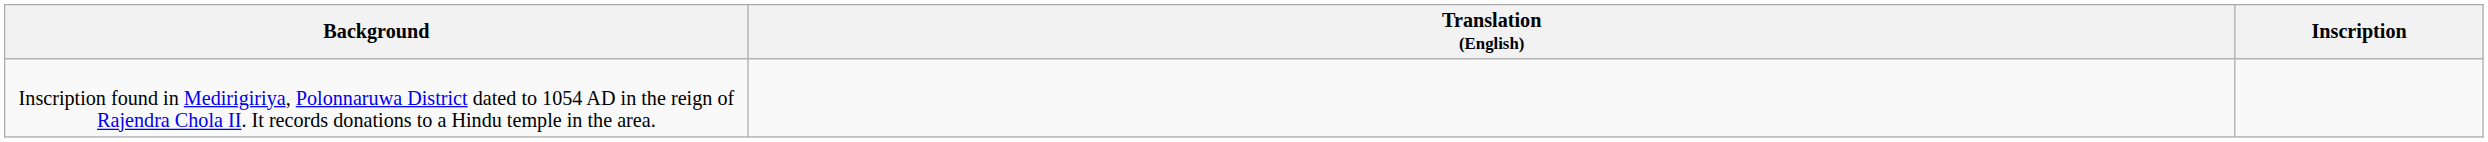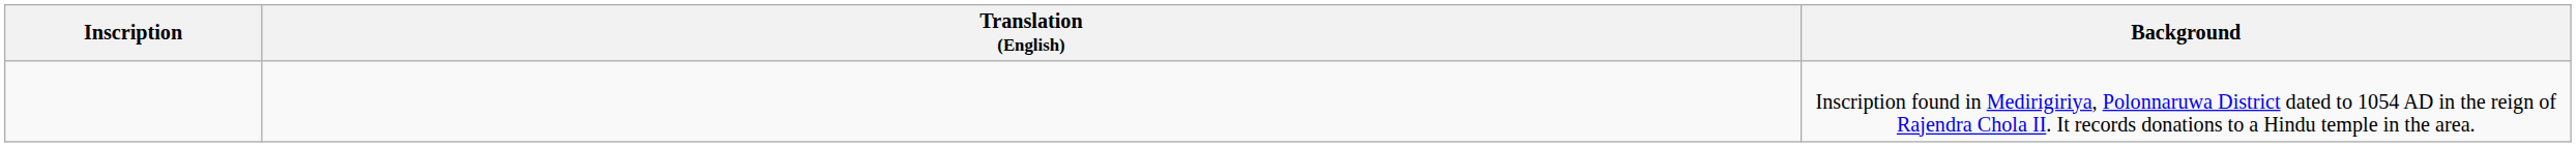 <table class="wikitable centre">
 <tr>
+<th>Inscription<br></th>
+<th>Translation<br><small>(English)</small></th>
 <th scope="col" align=left>Background<br></th>
-<th>Translation<br><small>(English)</small></th>
-<th>Inscription<br></th>
 </tr>
 <tr>
+<td align=center width="10%"><br></td>
+<td align=left><br></td>
 <td align=center width="30%"><br>Inscription found in <a href='#'>Medirigiriya</a>, <a href='#'>Polonnaruwa District</a> dated to 1054 AD in the reign of <a href='#'>Rajendra Chola II</a>. It records donations to a Hindu temple in the area.</td>
-<td align=left><br></td>
-<td align=center width="10%"><br></td>
 </tr>
 </table>
